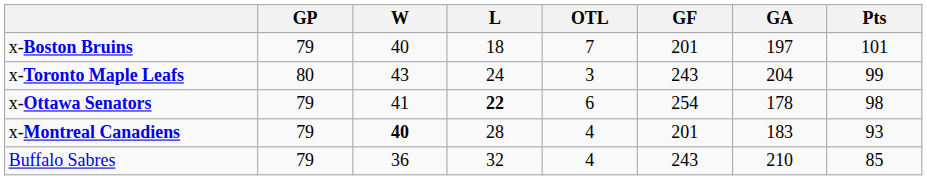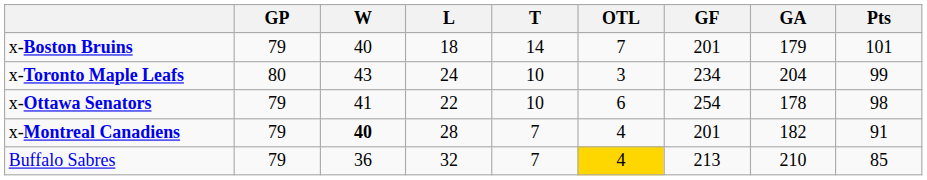 <table class="wikitable sortable">
 <tr>
 <th width="20%"></th>
 <th width="7.5%" title="Games played" class="unsortable">GP</th>
 <th width="7.5%" title="Wins">W</th>
 <th width="7.5%" title="Losses">L</th>
+<th width="7.5%" title="Ties">T</th>
 <th width="7.5%" title="Overtime loss">OTL</th>
 <th width="7.5%" title="Goals for">GF</th>
 <th width="7.5%" title="Goals against">GA</th>
 <th width="7.5%" title="Points">Pts</th>
 </tr>
 <tr style="text-align:center;">
 <td style="text-align:left;">x-<strong><a href='#'>Boston Bruins</a></strong></td>
 <td>79</td>
 <td>40</td>
 <td>18</td>
+<td>14</td>
 <td>7</td>
 <td>201</td>
-<td>197</td>
+<td>179</td>
 <td>101</td>
 </tr>
 <tr style="text-align:center;">
 <td style="text-align:left;">x-<strong><a href='#'>Toronto Maple Leafs</a></strong></td>
 <td>80</td>
 <td>43</td>
 <td>24</td>
+<td>10</td>
 <td>3</td>
-<td>243</td>
+<td>234</td>
 <td>204</td>
 <td>99</td>
 </tr>
 <tr style="text-align:center;">
 <td style="text-align:left;">x-<strong><a href='#'>Ottawa Senators</a></strong></td>
 <td>79</td>
 <td>41</td>
-<td><strong>22</strong></td>
+<td>22</td>
+<td>10</td>
 <td>6</td>
 <td>254</td>
 <td>178</td>
 <td>98</td>
 </tr>
 <tr style="text-align:center;">
 <td style="text-align:left;">x-<strong><a href='#'>Montreal Canadiens</a></strong></td>
 <td>79</td>
 <td><strong>40</strong></td>
 <td>28</td>
+<td>7</td>
 <td>4</td>
 <td>201</td>
-<td>183</td>
-<td>93</td>
+<td>182</td>
+<td>91</td>
 </tr>
 <tr style="text-align:center;">
 <td style="text-align:left;"><a href='#'>Buffalo Sabres</a></td>
 <td>79</td>
 <td>36</td>
 <td>32</td>
-<td>4</td>
-<td>243</td>
+<td>7</td>
+<td style="background: gold;">4</td>
+<td>213</td>
 <td>210</td>
 <td>85</td>
 </tr>
 </table>
